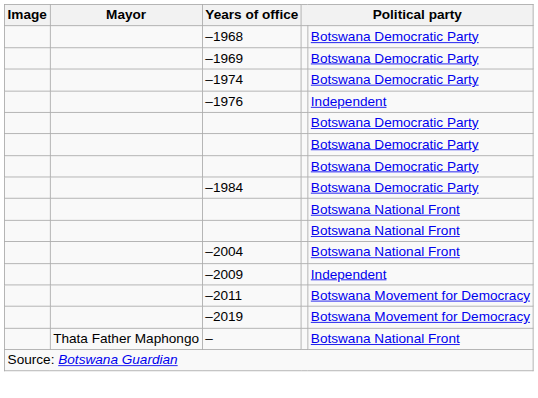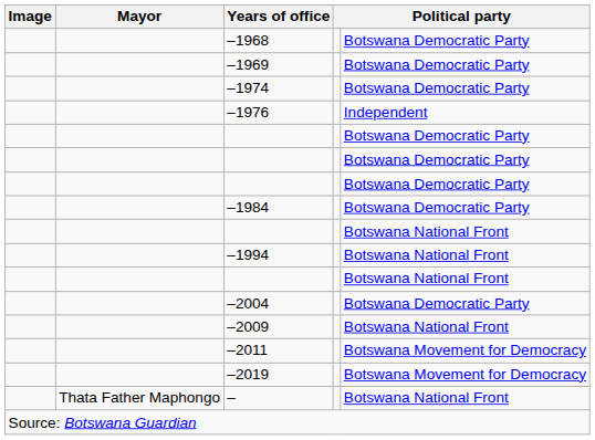 <table class="sortable wikitable">
 <tr>
 <th>Image</th>
 <th>Mayor</th>
 <th>Years of office</th>
 <th colspan="2">Political party</th>
 </tr>
 <tr>
 <td></td>
 <td></td>
 <td>–1968</td>
 <td></td>
 <td><a href='#'>Botswana Democratic Party</a></td>
 </tr>
 <tr>
 <td></td>
 <td></td>
 <td>–1969</td>
 <td></td>
 <td><a href='#'>Botswana Democratic Party</a></td>
 </tr>
 <tr>
 <td></td>
 <td></td>
 <td>–1974</td>
 <td></td>
 <td><a href='#'>Botswana Democratic Party</a></td>
 </tr>
 <tr>
 <td></td>
 <td> </td>
 <td>–1976</td>
 <td></td>
 <td><a href='#'>Independent</a></td>
 </tr>
 <tr>
 <td></td>
 <td></td>
 <td></td>
 <td></td>
 <td><a href='#'>Botswana Democratic Party</a></td>
 </tr>
 <tr>
 <td></td>
 <td> </td>
 <td></td>
 <td></td>
 <td><a href='#'>Botswana Democratic Party</a></td>
 </tr>
 <tr>
 <td></td>
 <td></td>
 <td></td>
 <td></td>
 <td><a href='#'>Botswana Democratic Party</a></td>
 </tr>
 <tr>
 <td></td>
 <td></td>
 <td>–1984</td>
 <td></td>
 <td><a href='#'>Botswana Democratic Party</a></td>
 </tr>
 <tr>
 <td></td>
 <td></td>
 <td></td>
 <td></td>
 <td><a href='#'>Botswana National Front</a></td>
 </tr>
 <tr>
 <td></td>
 <td></td>
+<td>–1994</td>
+<td></td>
+<td><a href='#'>Botswana National Front</a></td>
+</tr>
+<tr>
+<td></td>
+<td></td>
 <td></td>
 <td></td>
 <td><a href='#'>Botswana National Front</a></td>
 </tr>
 <tr>
 <td></td>
 <td></td>
 <td>–2004</td>
 <td></td>
-<td><a href='#'>Botswana National Front</a></td>
+<td><a href='#'>Botswana Democratic Party</a></td>
 </tr>
 <tr>
 <td></td>
 <td></td>
 <td>–2009</td>
 <td></td>
-<td><a href='#'>Independent</a></td>
+<td><a href='#'>Botswana National Front</a></td>
 </tr>
 <tr>
 <td></td>
 <td></td>
 <td>–2011</td>
 <td></td>
 <td><a href='#'>Botswana Movement for Democracy</a></td>
 </tr>
 <tr>
 <td></td>
 <td></td>
 <td>–2019</td>
 <td></td>
 <td><a href='#'>Botswana Movement for Democracy</a></td>
 </tr>
 <tr>
 <td></td>
 <td>Thata Father Maphongo</td>
 <td>–</td>
 <td></td>
 <td><a href='#'>Botswana National Front</a></td>
 </tr>
 <tr>
 <td colspan=5>Source: <em><a href='#'>Botswana Guardian</a></em></td>
 </tr>
 </table>
